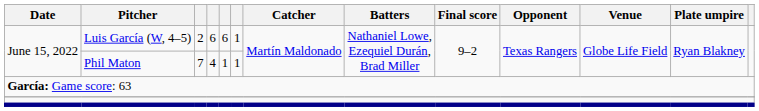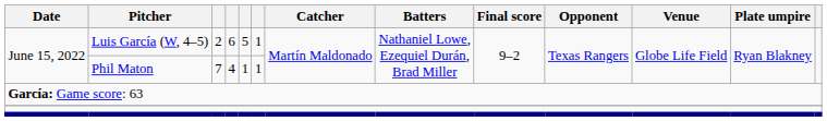 <table class="wikitable unsortable" border="1" style="font-size: 90%">
 <tr>
 <th>Date</th>
 <th>Pitcher</th>
 <th></th>
 <th></th>
 <th></th>
 <th></th>
 <th>Catcher</th>
 <th>Batters</th>
 <th>Final score</th>
 <th>Opponent</th>
 <th>Venue</th>
 <th>Plate umpire</th>
 <th></th>
 </tr>
 <tr>
 <td align="center" rowspan="2">June 15, 2022</td>
 <td><a href='#'>Luis García</a> (<a href='#'>W</a>, 4–5)</td>
 <td align="center">2</td>
 <td align="center">6</td>
-<td align="center">6</td>
+<td align="center">5</td>
 <td align="center">1</td>
 <td align="center" rowspan="2"><a href='#'>Martín Maldonado</a></td>
 <td align="center" rowspan="2"><a href='#'>Nathaniel Lowe</a>,<br> <a href='#'>Ezequiel Durán</a>,<br> <a href='#'>Brad Miller</a></td>
 <td align="center" rowspan="2">9–2</td>
 <td align="center" rowspan="2"><a href='#'>Texas Rangers</a></td>
 <td align="center" rowspan="2"><a href='#'>Globe Life Field</a></td>
 <td align="center" rowspan="2"><a href='#'>Ryan Blakney</a></td>
 <td align="center" rowspan="2"></td>
 </tr>
 <tr>
 <td><a href='#'>Phil Maton</a></td>
 <td align="center">7</td>
 <td align="center">4</td>
 <td align="center">1</td>
 <td align="center">1</td>
 </tr>
 <tr>
 <td colspan="15"><strong>García:</strong> <a href='#'>Game score</a>: 63</td>
 </tr>
 <tr>
 </tr>
 <tr>
 <td style="border-bottom:#020088 5px solid;" colspan="15"></td>
 </tr>
 </table>
